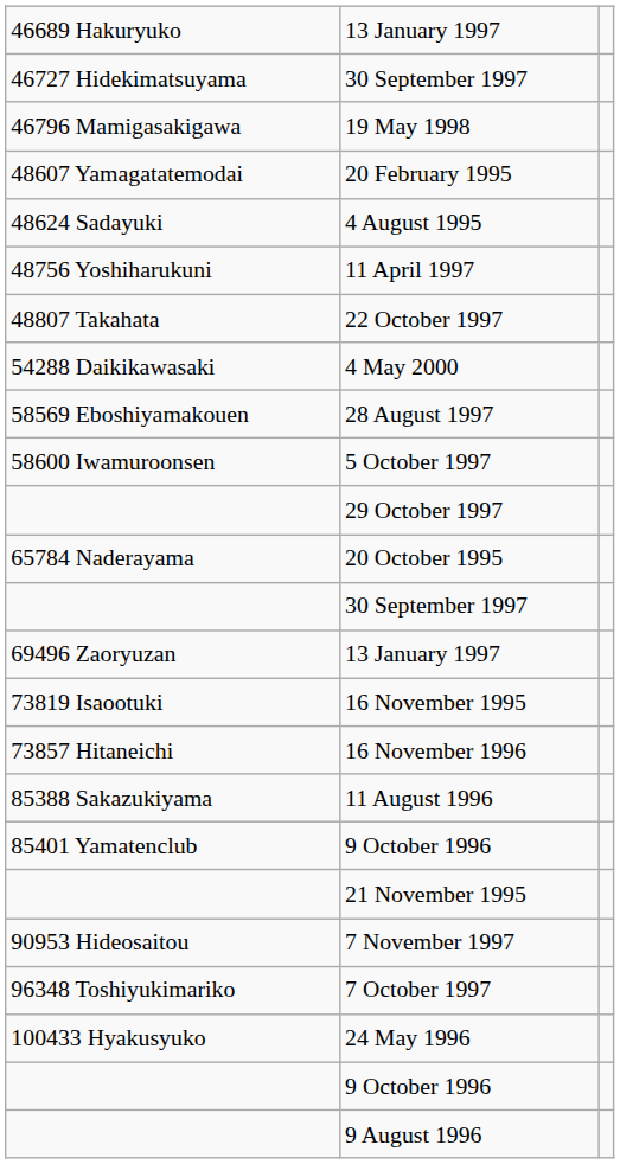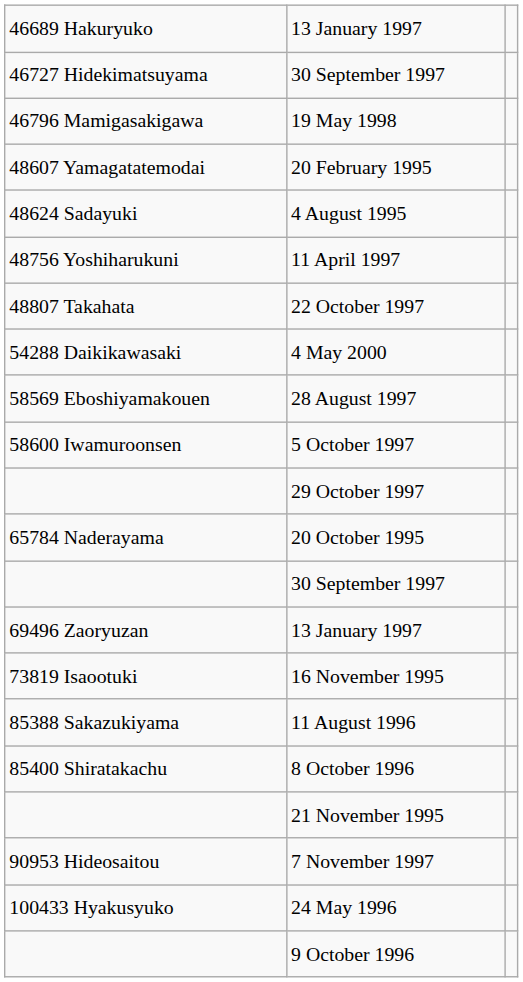 <table class="wikitable" style="font-size: 89%; float: left; width: 26em; margin-right: 1em; height: 700px;">
 <tr>
 <td>46689 Hakuryuko</td>
 <td>13 January 1997</td>
 <td></td>
 </tr>
 <tr>
 <td>46727 Hidekimatsuyama</td>
 <td>30 September 1997</td>
 <td></td>
 </tr>
 <tr>
 <td>46796 Mamigasakigawa</td>
 <td>19 May 1998</td>
 <td></td>
 </tr>
 <tr>
 <td>48607 Yamagatatemodai</td>
 <td>20 February 1995</td>
 <td></td>
 </tr>
 <tr>
 <td>48624 Sadayuki</td>
 <td>4 August 1995</td>
 <td></td>
 </tr>
 <tr>
 <td>48756 Yoshiharukuni</td>
 <td>11 April 1997</td>
 <td></td>
 </tr>
 <tr>
 <td>48807 Takahata</td>
 <td>22 October 1997</td>
 <td></td>
 </tr>
 <tr>
 <td>54288 Daikikawasaki</td>
 <td>4 May 2000</td>
 <td></td>
 </tr>
 <tr>
 <td>58569 Eboshiyamakouen</td>
 <td>28 August 1997</td>
 <td></td>
 </tr>
 <tr>
 <td>58600 Iwamuroonsen</td>
 <td>5 October 1997</td>
 <td></td>
 </tr>
 <tr>
 <td></td>
 <td>29 October 1997</td>
 <td></td>
 </tr>
 <tr>
 <td>65784 Naderayama</td>
 <td>20 October 1995</td>
 <td></td>
 </tr>
 <tr>
 <td></td>
 <td>30 September 1997</td>
 <td></td>
 </tr>
 <tr>
 <td>69496 Zaoryuzan</td>
 <td>13 January 1997</td>
 <td></td>
 </tr>
 <tr>
 <td>73819 Isaootuki</td>
 <td>16 November 1995</td>
 <td></td>
 </tr>
 <tr>
-<td>73857 Hitaneichi</td>
-<td>16 November 1996</td>
-<td></td>
-</tr>
-<tr>
 <td>85388 Sakazukiyama</td>
 <td>11 August 1996</td>
 <td></td>
 </tr>
 <tr>
-<td>85401 Yamatenclub</td>
-<td>9 October 1996</td>
+<td>85400 Shiratakachu</td>
+<td>8 October 1996</td>
 <td></td>
 </tr>
 <tr>
 <td></td>
 <td>21 November 1995</td>
 <td></td>
 </tr>
 <tr>
 <td>90953 Hideosaitou</td>
 <td>7 November 1997</td>
 <td></td>
 </tr>
 <tr>
-<td>96348 Toshiyukimariko</td>
-<td>7 October 1997</td>
-<td></td>
-</tr>
-<tr>
 <td>100433 Hyakusyuko</td>
 <td>24 May 1996</td>
 <td></td>
 </tr>
 <tr>
 <td></td>
 <td>9 October 1996</td>
 <td></td>
 </tr>
-<tr>
-<td></td>
-<td>9 August 1996</td>
-<td></td>
-</tr>
 </table>
